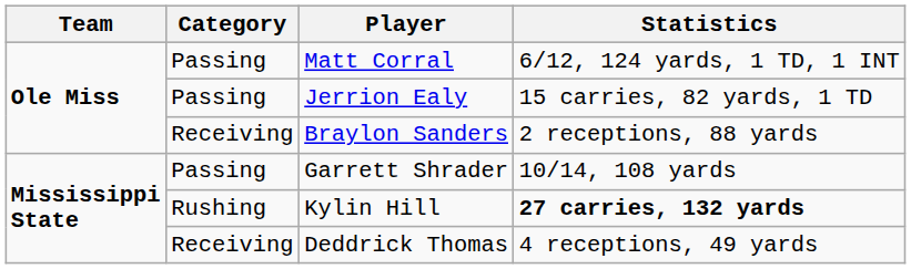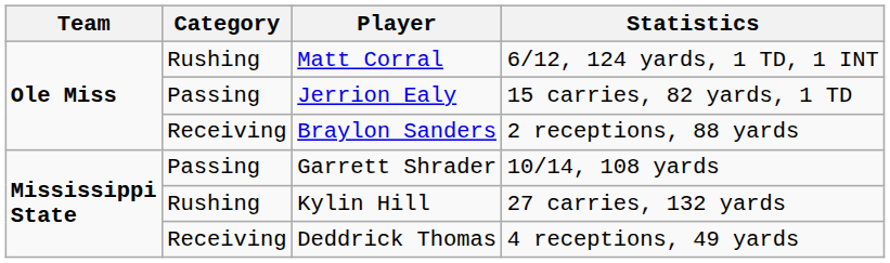 <table class="wikitable" style="float: right;">
 <tr>
 <th>Team</th>
 <th>Category</th>
 <th>Player</th>
 <th>Statistics</th>
 </tr>
 <tr>
 <td rowspan=3><strong>Ole Miss</strong></td>
-<td>Passing</td>
+<td>Rushing</td>
 <td><a href='#'>Matt Corral</a></td>
 <td>6/12, 124 yards, 1 TD, 1 INT</td>
 </tr>
 <tr>
 <td>Passing</td>
 <td><a href='#'>Jerrion Ealy</a></td>
 <td>15 carries, 82 yards, 1 TD</td>
 </tr>
 <tr>
 <td>Receiving</td>
 <td><a href='#'>Braylon Sanders</a></td>
 <td>2 receptions, 88 yards</td>
 </tr>
 <tr>
 <td rowspan=3><strong>Mississippi<br>State<br></strong></td>
 <td>Passing</td>
 <td>Garrett Shrader</td>
 <td>10/14, 108 yards</td>
 </tr>
 <tr>
 <td>Rushing</td>
 <td>Kylin Hill</td>
-<td><strong>27 carries, 132 yards</strong></td>
+<td>27 carries, 132 yards</td>
 </tr>
 <tr>
 <td>Receiving</td>
 <td>Deddrick Thomas</td>
 <td>4 receptions, 49 yards</td>
 </tr>
 </table>
